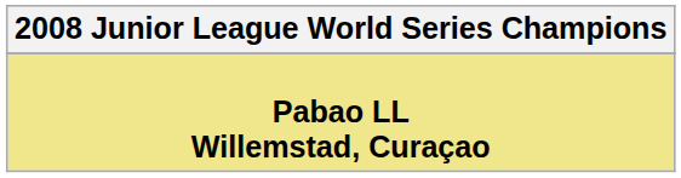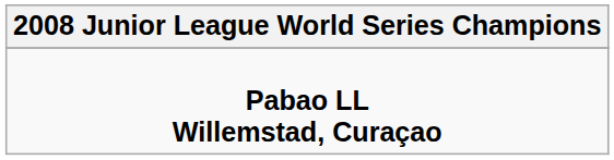 <table class="wikitable" style="text-align: center; margin: 0 auto;">
 <tr>
 <th>2008 Junior League World Series Champions</th>
 </tr>
 <tr>
 </tr>
 <tr>
-<td style="background: khaki;"><br><strong>Pabao LL</strong><br><strong>Willemstad, Curaçao</strong></td>
+<td><br><strong>Pabao LL</strong><br><strong>Willemstad, Curaçao</strong></td>
 </tr>
 </table>
